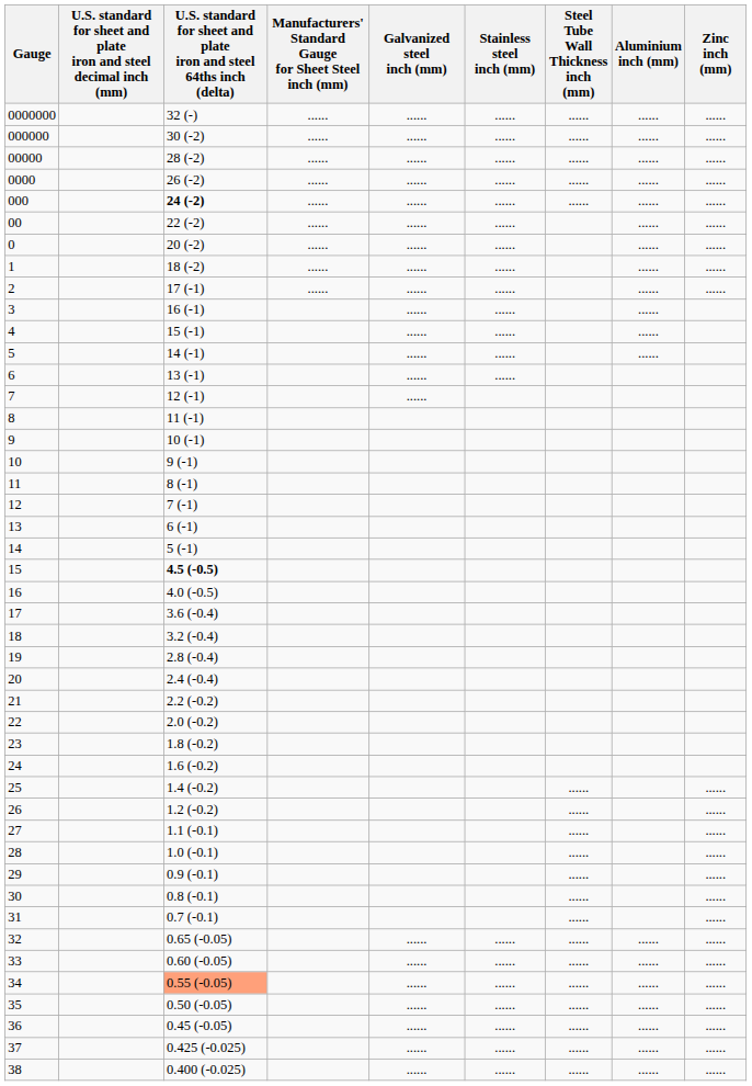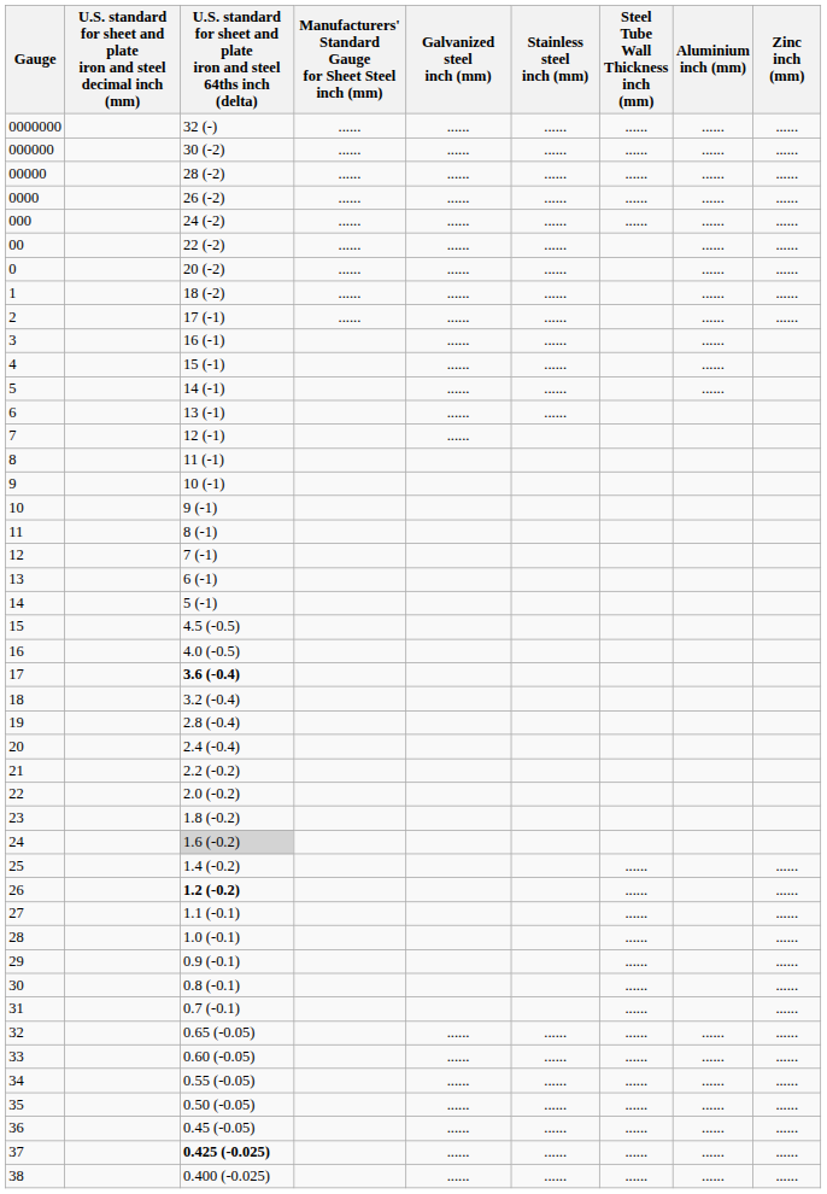 <table class="wikitable">
 <tr>
 <th>Gauge</th>
 <th>U.S. standard<br>for sheet and plate<br>iron and steel<br>decimal inch (mm)</th>
 <th>U.S. standard<br>for sheet and plate<br>iron and steel <br> 64ths inch (delta)</th>
 <th>Manufacturers' <br> Standard Gauge <br> for Sheet Steel<br>inch (mm)</th>
 <th>Galvanized steel<br>inch (mm)</th>
 <th>Stainless steel<br>inch (mm)</th>
 <th>Steel Tube <br> Wall <br> Thickness <br> inch (mm)</th>
 <th>Aluminium<br>inch (mm)</th>
 <th>Zinc<br>inch (mm)</th>
 </tr>
 <tr>
 <td>0000000</td>
 <td></td>
 <td>32 (-)</td>
 <td align="center">......</td>
 <td align="center">......</td>
 <td align="center">......</td>
 <td align="center">......</td>
 <td align="center">......</td>
 <td align="center">......</td>
 </tr>
 <tr>
 <td>000000</td>
 <td></td>
 <td>30 (-2)</td>
 <td align="center">......</td>
 <td align="center">......</td>
 <td align="center">......</td>
 <td align="center">......</td>
 <td align="center">......</td>
 <td align="center">......</td>
 </tr>
 <tr>
 <td>00000</td>
 <td></td>
 <td>28 (-2)</td>
 <td align="center">......</td>
 <td align="center">......</td>
 <td align="center">......</td>
 <td align="center">......</td>
 <td align="center">......</td>
 <td align="center">......</td>
 </tr>
 <tr>
 <td>0000</td>
 <td></td>
 <td>26 (-2)</td>
 <td align="center">......</td>
 <td align="center">......</td>
 <td align="center">......</td>
 <td align="center">......</td>
 <td align="center">......</td>
 <td align="center">......</td>
 </tr>
 <tr>
 <td>000</td>
 <td></td>
-<td><strong>24 (-2)</strong></td>
+<td>24 (-2)</td>
 <td align="center">......</td>
 <td align="center">......</td>
 <td align="center">......</td>
 <td align="center">......</td>
 <td align="center">......</td>
 <td align="center">......</td>
 </tr>
 <tr>
 <td>00</td>
 <td></td>
 <td>22 (-2)</td>
 <td align="center">......</td>
 <td align="center">......</td>
 <td align="center">......</td>
 <td></td>
 <td align="center">......</td>
 <td align="center">......</td>
 </tr>
 <tr>
 <td>0</td>
 <td></td>
 <td>20 (-2)</td>
 <td align="center">......</td>
 <td align="center">......</td>
 <td align="center">......</td>
 <td></td>
 <td align="center">......</td>
 <td align="center">......</td>
 </tr>
 <tr>
 <td>1</td>
 <td></td>
 <td>18 (-2)</td>
 <td align="center">......</td>
 <td align="center">......</td>
 <td align="center">......</td>
 <td></td>
 <td align="center">......</td>
 <td align="center">......</td>
 </tr>
 <tr>
 <td>2</td>
 <td></td>
 <td>17 (-1)</td>
 <td align="center">......</td>
 <td align="center">......</td>
 <td align="center">......</td>
 <td></td>
 <td align="center">......</td>
 <td align="center">......</td>
 </tr>
 <tr>
 <td>3</td>
 <td></td>
 <td>16 (-1)</td>
 <td></td>
 <td align="center">......</td>
 <td align="center">......</td>
 <td></td>
 <td align="center">......</td>
 <td></td>
 </tr>
 <tr>
 <td>4</td>
 <td></td>
 <td>15 (-1)</td>
 <td></td>
 <td align="center">......</td>
 <td align="center">......</td>
 <td></td>
 <td align="center">......</td>
 <td></td>
 </tr>
 <tr>
 <td>5</td>
 <td></td>
 <td>14 (-1)</td>
 <td></td>
 <td align="center">......</td>
 <td align="center">......</td>
 <td></td>
 <td align="center">......</td>
 <td></td>
 </tr>
 <tr id="6 gauge">
 <td>6</td>
 <td></td>
 <td>13 (-1)</td>
 <td></td>
 <td align="center">......</td>
 <td align="center">......</td>
 <td></td>
 <td></td>
 <td></td>
 </tr>
 <tr id="7 gauge">
 <td>7</td>
 <td></td>
 <td>12 (-1)</td>
 <td></td>
 <td align="center">......</td>
 <td></td>
 <td></td>
 <td></td>
 <td></td>
 </tr>
 <tr id="6 gauge">
 <td>8</td>
 <td></td>
 <td>11 (-1)</td>
 <td></td>
 <td></td>
 <td></td>
 <td></td>
 <td></td>
 <td></td>
 </tr>
 <tr id="9 gauge">
 <td>9</td>
 <td></td>
 <td>10 (-1)</td>
 <td></td>
 <td></td>
 <td></td>
 <td></td>
 <td></td>
 <td></td>
 </tr>
 <tr id="10 gauge">
 <td>10</td>
 <td></td>
 <td>9 (-1)</td>
 <td></td>
 <td></td>
 <td></td>
 <td></td>
 <td></td>
 <td></td>
 </tr>
 <tr id="11 gauge">
 <td>11</td>
 <td></td>
 <td>8 (-1)</td>
 <td></td>
 <td></td>
 <td></td>
 <td></td>
 <td></td>
 <td></td>
 </tr>
 <tr id="12 gauge">
 <td>12</td>
 <td></td>
 <td>7 (-1)</td>
 <td></td>
 <td></td>
 <td></td>
 <td></td>
 <td></td>
 <td></td>
 </tr>
 <tr>
 <td>13</td>
 <td></td>
 <td>6 (-1)</td>
 <td></td>
 <td></td>
 <td></td>
 <td></td>
 <td></td>
 <td></td>
 </tr>
 <tr>
 <td>14</td>
 <td></td>
 <td>5 (-1)</td>
 <td></td>
 <td></td>
 <td></td>
 <td></td>
 <td></td>
 <td></td>
 </tr>
 <tr>
 <td>15</td>
 <td></td>
-<td><strong>4.5 (-0.5)</strong></td>
+<td>4.5 (-0.5)</td>
 <td></td>
 <td></td>
 <td></td>
 <td></td>
 <td></td>
 <td></td>
 </tr>
 <tr>
 <td>16</td>
 <td></td>
 <td>4.0 (-0.5)</td>
 <td></td>
 <td></td>
 <td></td>
 <td></td>
 <td></td>
 <td></td>
 </tr>
 <tr>
 <td>17</td>
 <td></td>
-<td>3.6 (-0.4)</td>
+<td><strong>3.6 (-0.4)</strong></td>
 <td></td>
 <td></td>
 <td></td>
 <td></td>
 <td></td>
 <td></td>
 </tr>
 <tr>
 <td>18</td>
 <td></td>
 <td>3.2 (-0.4)</td>
 <td></td>
 <td></td>
 <td></td>
 <td></td>
 <td></td>
 <td></td>
 </tr>
 <tr>
 <td>19</td>
 <td></td>
 <td>2.8 (-0.4)</td>
 <td></td>
 <td></td>
 <td></td>
 <td></td>
 <td></td>
 <td></td>
 </tr>
 <tr>
 <td>20</td>
 <td></td>
 <td>2.4 (-0.4)</td>
 <td></td>
 <td></td>
 <td></td>
 <td></td>
 <td></td>
 <td></td>
 </tr>
 <tr>
 <td>21</td>
 <td></td>
 <td>2.2 (-0.2)</td>
 <td></td>
 <td></td>
 <td></td>
 <td></td>
 <td></td>
 <td></td>
 </tr>
 <tr>
 <td>22</td>
 <td></td>
 <td>2.0 (-0.2)</td>
 <td></td>
 <td></td>
 <td></td>
 <td></td>
 <td></td>
 <td></td>
 </tr>
 <tr>
 <td>23</td>
 <td></td>
 <td>1.8 (-0.2)</td>
 <td></td>
 <td></td>
 <td></td>
 <td></td>
 <td></td>
 <td></td>
 </tr>
 <tr>
 <td>24</td>
 <td></td>
-<td>1.6 (-0.2)</td>
+<td style="background: lightgrey;">1.6 (-0.2)</td>
 <td></td>
 <td></td>
 <td></td>
 <td></td>
 <td></td>
 <td></td>
 </tr>
 <tr>
 <td>25</td>
 <td></td>
 <td>1.4 (-0.2)</td>
 <td></td>
 <td></td>
 <td></td>
 <td align="center">......</td>
 <td></td>
 <td align="center">......</td>
 </tr>
 <tr>
 <td>26</td>
 <td></td>
-<td>1.2 (-0.2)</td>
+<td><strong>1.2 (-0.2)</strong></td>
 <td></td>
 <td></td>
 <td></td>
 <td align="center">......</td>
 <td></td>
 <td align="center">......</td>
 </tr>
 <tr>
 <td>27</td>
 <td></td>
 <td>1.1 (-0.1)</td>
 <td></td>
 <td></td>
 <td></td>
 <td align="center">......</td>
 <td></td>
 <td align="center">......</td>
 </tr>
 <tr>
 <td>28</td>
 <td></td>
 <td>1.0 (-0.1)</td>
 <td></td>
 <td></td>
 <td></td>
 <td align="center">......</td>
 <td></td>
 <td align="center">......</td>
 </tr>
 <tr>
 <td>29</td>
 <td></td>
 <td>0.9 (-0.1)</td>
 <td></td>
 <td></td>
 <td></td>
 <td align="center">......</td>
 <td></td>
 <td align="center">......</td>
 </tr>
 <tr>
 <td>30</td>
 <td></td>
 <td>0.8 (-0.1)</td>
 <td></td>
 <td></td>
 <td></td>
 <td align="center">......</td>
 <td></td>
 <td align="center">......</td>
 </tr>
 <tr>
 <td>31</td>
 <td></td>
 <td>0.7 (-0.1)</td>
 <td></td>
 <td></td>
 <td></td>
 <td align="center">......</td>
 <td></td>
 <td align="center">......</td>
 </tr>
 <tr>
 <td>32</td>
 <td></td>
 <td>0.65 (-0.05)</td>
 <td></td>
 <td align="center">......</td>
 <td align="center">......</td>
 <td align="center">......</td>
 <td align="center">......</td>
 <td align="center">......</td>
 </tr>
 <tr>
 <td>33</td>
 <td></td>
 <td>0.60 (-0.05)</td>
 <td></td>
 <td align="center">......</td>
 <td align="center">......</td>
 <td align="center">......</td>
 <td align="center">......</td>
 <td align="center">......</td>
 </tr>
 <tr>
 <td>34</td>
 <td></td>
-<td style="background: lightsalmon;">0.55 (-0.05)</td>
+<td>0.55 (-0.05)</td>
 <td></td>
 <td align="center">......</td>
 <td align="center">......</td>
 <td align="center">......</td>
 <td align="center">......</td>
 <td align="center">......</td>
 </tr>
 <tr>
 <td>35</td>
 <td></td>
 <td>0.50 (-0.05)</td>
 <td></td>
 <td align="center">......</td>
 <td align="center">......</td>
 <td align="center">......</td>
 <td align="center">......</td>
 <td align="center">......</td>
 </tr>
 <tr>
 <td>36</td>
 <td></td>
 <td>0.45 (-0.05)</td>
 <td></td>
 <td align="center">......</td>
 <td align="center">......</td>
 <td align="center">......</td>
 <td align="center">......</td>
 <td align="center">......</td>
 </tr>
 <tr>
 <td>37</td>
 <td></td>
-<td>0.425 (-0.025)</td>
+<td><strong>0.425 (-0.025)</strong></td>
 <td></td>
 <td align="center">......</td>
 <td align="center">......</td>
 <td align="center">......</td>
 <td align="center">......</td>
 <td align="center">......</td>
 </tr>
 <tr>
 <td>38</td>
 <td></td>
 <td>0.400 (-0.025)</td>
 <td></td>
 <td align="center">......</td>
 <td align="center">......</td>
 <td align="center">......</td>
 <td align="center">......</td>
 <td align="center">......</td>
 </tr>
 </table>
